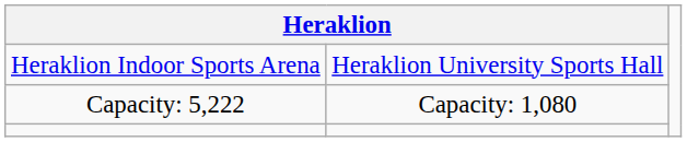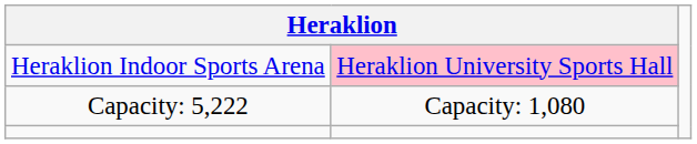 <table class="wikitable" style="text-align:center;">
 <tr>
 <th colspan=2><a href='#'>Heraklion</a></th>
 <td rowspan="4"><br></td>
 </tr>
 <tr>
 <td><a href='#'>Heraklion Indoor Sports Arena</a></td>
-<td><a href='#'>Heraklion University Sports Hall</a></td>
+<td style="background: pink;"><a href='#'>Heraklion University Sports Hall</a></td>
 </tr>
 <tr>
 <td>Capacity: 5,222</td>
 <td>Capacity: 1,080</td>
 </tr>
 <tr>
 <td></td>
 <td></td>
 </tr>
 </table>
